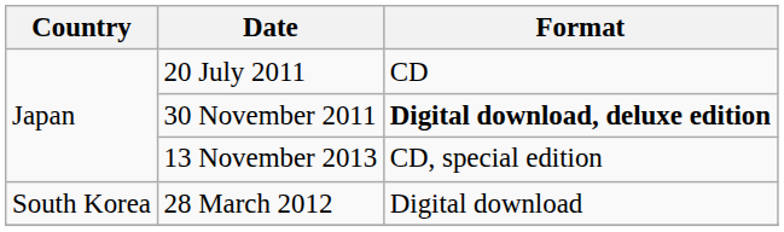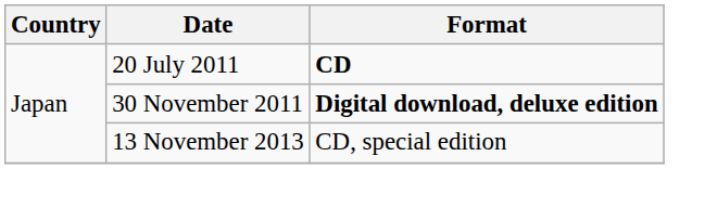 <table class="wikitable plainrowheaders">
 <tr>
 <th scope="col">Country</th>
 <th scope="col">Date</th>
 <th scope="col">Format</th>
 </tr>
 <tr>
 <td rowspan="3">Japan</td>
 <td>20 July 2011</td>
-<td>CD</td>
+<td><strong>CD</strong></td>
 </tr>
 <tr>
 <td>30 November 2011</td>
 <td><strong>Digital download, deluxe edition</strong></td>
 </tr>
 <tr>
 <td>13 November 2013</td>
 <td>CD, special edition</td>
 </tr>
 <tr>
-<td>South Korea</td>
-<td>28 March 2012</td>
-<td>Digital download</td>
-</tr>
-<tr>
 </tr>
 </table>
